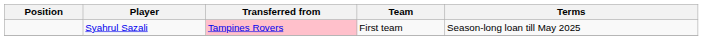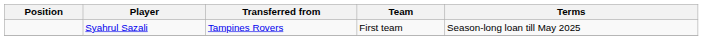 <table class="wikitable sortable" style="width:90%;text-align:left">
 <tr>
 <th>Position</th>
 <th>Player</th>
 <th>Transferred from</th>
 <th>Team</th>
 <th>Terms</th>
 </tr>
 <tr>
 <td></td>
 <td> <a href='#'>Syahrul Sazali</a></td>
-<td style="background: pink;"> <a href='#'>Tampines Rovers</a></td>
+<td> <a href='#'>Tampines Rovers</a></td>
 <td>First team</td>
 <td>Season-long loan till May 2025 </td>
 </tr>
 <tr>
 </tr>
 </table>
